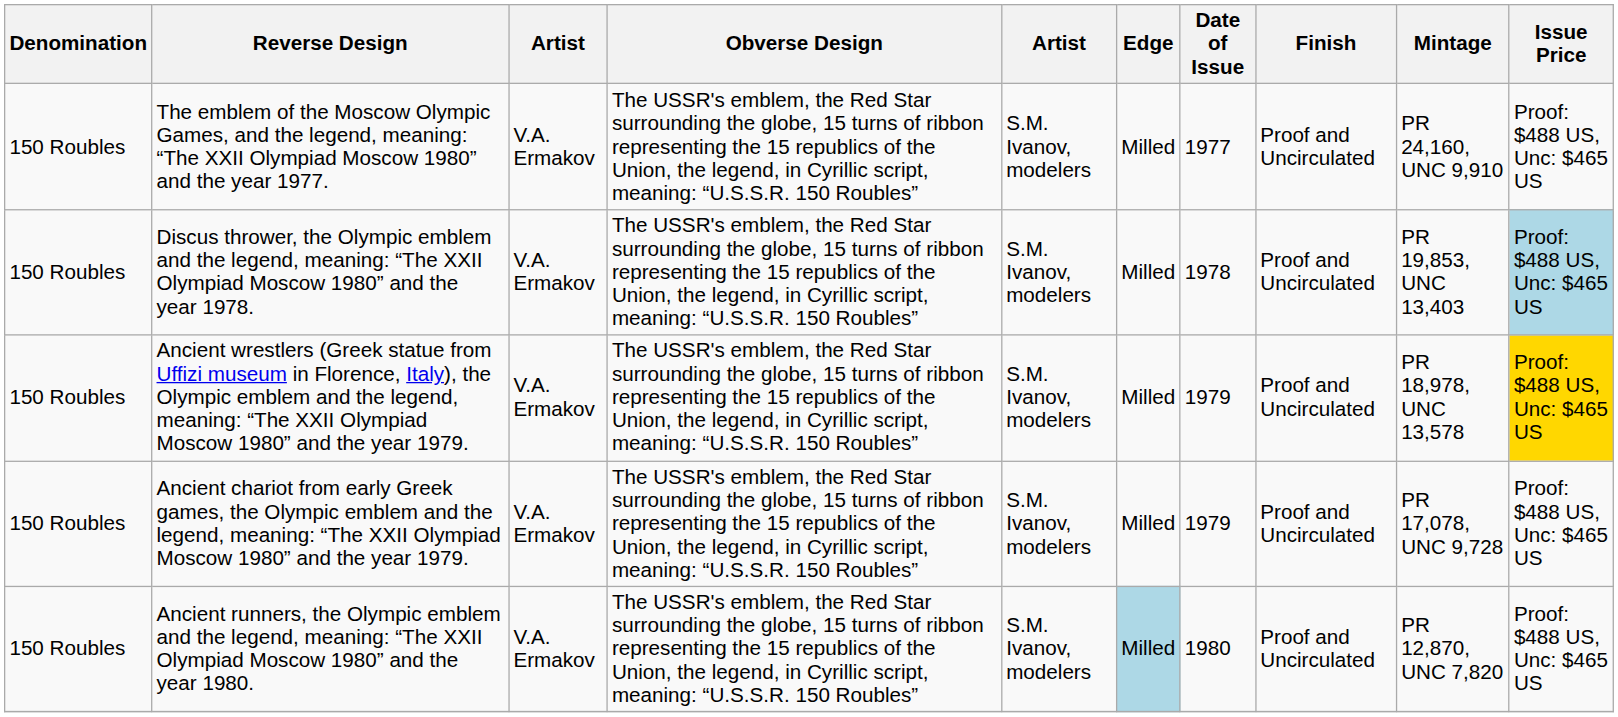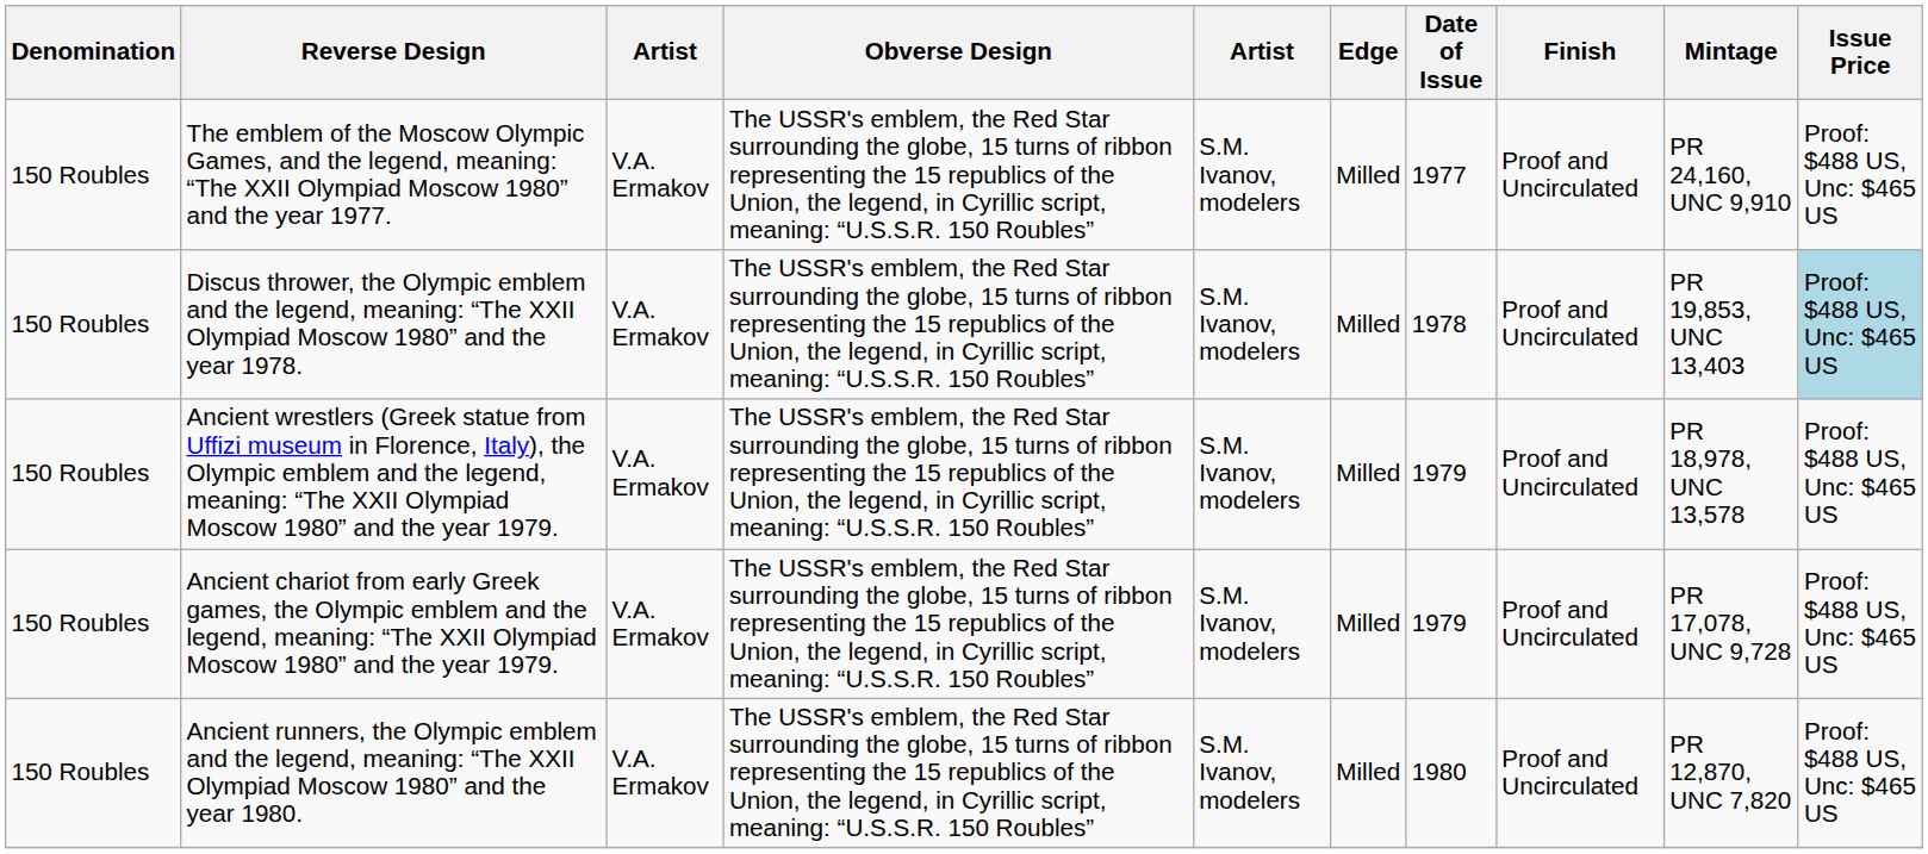 <table class="wikitable">
 <tr>
 <th>Denomination</th>
 <th>Reverse Design</th>
 <th>Artist</th>
 <th>Obverse Design</th>
 <th>Artist</th>
 <th>Edge</th>
 <th>Date of Issue</th>
 <th>Finish</th>
 <th>Mintage</th>
 <th>Issue Price</th>
 </tr>
 <tr>
 <td>150 Roubles</td>
 <td>The emblem of the Moscow Olympic Games, and the legend, meaning: “The XXII Olympiad Moscow 1980” and the year 1977.</td>
 <td>V.A. Ermakov</td>
 <td>The USSR's emblem, the Red Star surrounding the globe, 15 turns of ribbon representing the 15 republics of the Union, the legend, in Cyrillic script, meaning: “U.S.S.R. 150 Roubles”</td>
 <td>S.M. Ivanov, modelers</td>
 <td>Milled</td>
 <td>1977</td>
 <td>Proof and Uncirculated</td>
 <td>PR 24,160, UNC 9,910</td>
 <td>Proof: $488 US, Unc: $465 US</td>
 </tr>
 <tr>
 <td>150 Roubles</td>
 <td>Discus thrower, the Olympic emblem and the legend, meaning: “The XXII Olympiad Moscow 1980” and the year 1978.</td>
 <td>V.A. Ermakov</td>
 <td>The USSR's emblem, the Red Star surrounding the globe, 15 turns of ribbon representing the 15 republics of the Union, the legend, in Cyrillic script, meaning: “U.S.S.R. 150 Roubles”</td>
 <td>S.M. Ivanov, modelers</td>
 <td>Milled</td>
 <td>1978</td>
 <td>Proof and Uncirculated</td>
 <td>PR 19,853, UNC 13,403</td>
 <td style="background: lightblue;">Proof: $488 US, Unc: $465 US</td>
 </tr>
 <tr>
 <td>150 Roubles</td>
 <td>Ancient wrestlers (Greek statue from <a href='#'>Uffizi museum</a> in Florence, <a href='#'>Italy</a>), the Olympic emblem and the legend, meaning: “The XXII Olympiad Moscow 1980” and the year 1979.</td>
 <td>V.A. Ermakov</td>
 <td>The USSR's emblem, the Red Star surrounding the globe, 15 turns of ribbon representing the 15 republics of the Union, the legend, in Cyrillic script, meaning: “U.S.S.R. 150 Roubles”</td>
 <td>S.M. Ivanov, modelers</td>
 <td>Milled</td>
 <td>1979</td>
 <td>Proof and Uncirculated</td>
 <td>PR 18,978, UNC 13,578</td>
-<td style="background: gold;">Proof: $488 US, Unc: $465 US</td>
+<td>Proof: $488 US, Unc: $465 US</td>
 </tr>
 <tr>
 <td>150 Roubles</td>
 <td>Ancient chariot from early Greek games, the Olympic emblem and the legend, meaning: “The XXII Olympiad Moscow 1980” and the year 1979.</td>
 <td>V.A. Ermakov</td>
 <td>The USSR's emblem, the Red Star surrounding the globe, 15 turns of ribbon representing the 15 republics of the Union, the legend, in Cyrillic script, meaning: “U.S.S.R. 150 Roubles”</td>
 <td>S.M. Ivanov, modelers</td>
 <td>Milled</td>
 <td>1979</td>
 <td>Proof and Uncirculated</td>
 <td>PR 17,078, UNC 9,728</td>
 <td>Proof: $488 US, Unc: $465 US</td>
 </tr>
 <tr>
 <td>150 Roubles</td>
 <td>Ancient runners, the Olympic emblem and the legend, meaning: “The XXII Olympiad Moscow 1980” and the year 1980.</td>
 <td>V.A. Ermakov</td>
 <td>The USSR's emblem, the Red Star surrounding the globe, 15 turns of ribbon representing the 15 republics of the Union, the legend, in Cyrillic script, meaning: “U.S.S.R. 150 Roubles”</td>
 <td>S.M. Ivanov, modelers</td>
-<td style="background: lightblue;">Milled</td>
+<td>Milled</td>
 <td>1980</td>
 <td>Proof and Uncirculated</td>
 <td>PR 12,870, UNC 7,820</td>
 <td>Proof: $488 US, Unc: $465 US</td>
 </tr>
 <tr>
 </tr>
 </table>
